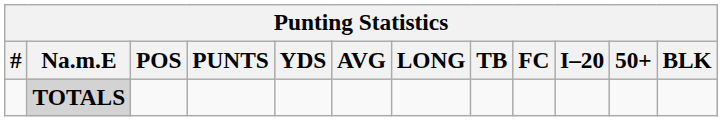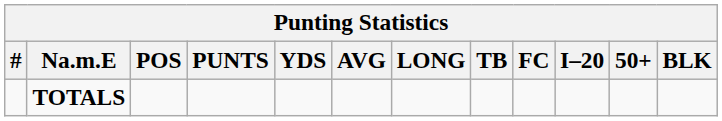 <table class="wikitable sortable collapsible collapsed">
 <tr>
 <th colspan="12">Punting Statistics</th>
 </tr>
 <tr>
 <th>#</th>
 <th>Na.m.E</th>
 <th>POS</th>
 <th>PUNTS</th>
 <th>YDS</th>
 <th>AVG</th>
 <th>LONG</th>
 <th>TB</th>
 <th>FC</th>
 <th>I–20</th>
 <th>50+</th>
 <th>BLK</th>
 </tr>
 <tr>
 <td></td>
-<td style="background: lightgrey;"><strong>TOTALS</strong></td>
+<td><strong>TOTALS</strong></td>
 <td></td>
 <td></td>
 <td></td>
 <td></td>
 <td></td>
 <td></td>
 <td></td>
 <td></td>
 <td></td>
 <td></td>
 </tr>
 </table>
